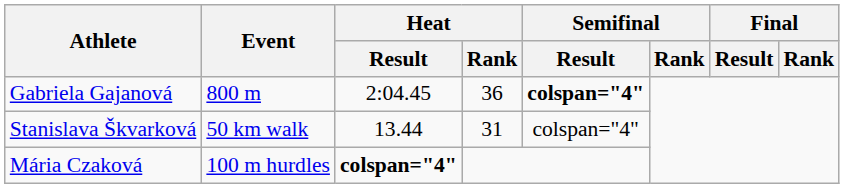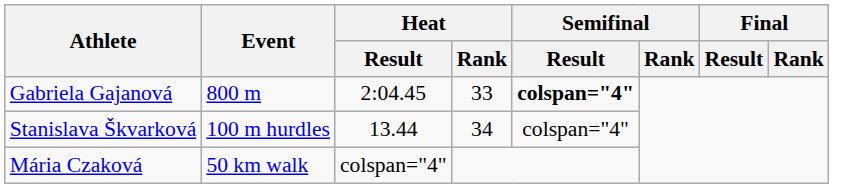 <table class="wikitable" style="font-size:90%">
 <tr>
 <th rowspan="2">Athlete</th>
 <th rowspan="2">Event</th>
 <th colspan="2">Heat</th>
 <th colspan="2">Semifinal</th>
 <th colspan="2">Final</th>
 </tr>
 <tr>
 <th>Result</th>
 <th>Rank</th>
 <th>Result</th>
 <th>Rank</th>
 <th>Result</th>
 <th>Rank</th>
 </tr>
 <tr style=text-align:center>
 <td style=text-align:left><a href='#'>Gabriela Gajanová</a></td>
 <td style=text-align:left><a href='#'>800 m</a></td>
 <td>2:04.45</td>
-<td>36</td>
+<td>33</td>
 <td><strong>colspan="4" </strong></td>
 </tr>
 <tr style=text-align:center>
 <td style=text-align:left><a href='#'>Stanislava Škvarková</a></td>
-<td style=text-align:left><a href='#'>50 km walk</a></td>
+<td style=text-align:left><a href='#'>100 m hurdles</a></td>
 <td>13.44</td>
-<td>31</td>
+<td>34</td>
 <td>colspan="4" </td>
 </tr>
 <tr style=text-align:center>
 <td style=text-align:left><a href='#'>Mária Czaková</a></td>
-<td style=text-align:left><a href='#'>100 m hurdles</a></td>
-<td><strong>colspan="4" </strong></td>
+<td style=text-align:left><a href='#'>50 km walk</a></td>
+<td>colspan="4" </td>
 <td colspan="2"></td>
 </tr>
 </table>
